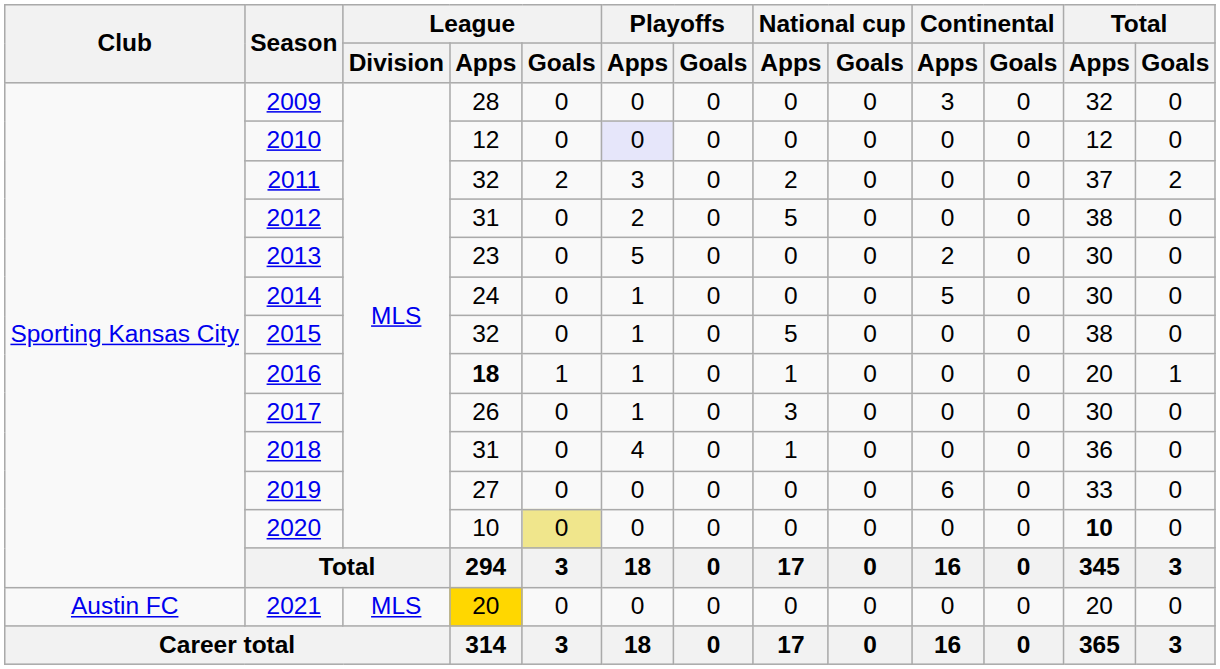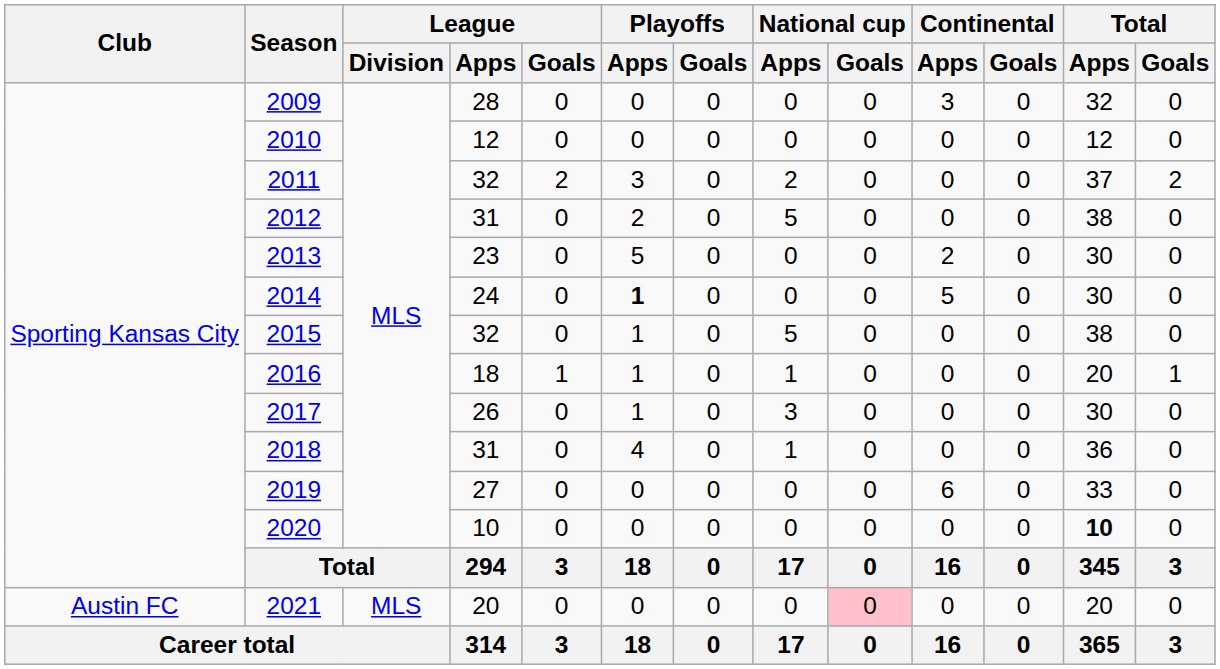 <table class="wikitable" style="text-align: center;">
 <tr>
 <th rowspan="2">Club</th>
 <th rowspan="2">Season</th>
 <th colspan="3">League</th>
 <th colspan="2">Playoffs</th>
 <th colspan="2">National cup</th>
 <th colspan="2">Continental</th>
 <th colspan="2">Total</th>
 </tr>
 <tr>
 <th>Division</th>
 <th>Apps</th>
 <th>Goals</th>
 <th>Apps</th>
 <th>Goals</th>
 <th>Apps</th>
 <th>Goals</th>
 <th>Apps</th>
 <th>Goals</th>
 <th>Apps</th>
 <th>Goals</th>
 </tr>
 <tr>
 <td rowspan="13"><a href='#'>Sporting Kansas City</a></td>
 <td><a href='#'>2009</a></td>
 <td rowspan="12"><a href='#'>MLS</a></td>
 <td>28</td>
 <td>0</td>
 <td>0</td>
 <td>0</td>
 <td>0</td>
 <td>0</td>
 <td>3</td>
 <td>0</td>
 <td>32</td>
 <td>0</td>
 </tr>
 <tr>
 <td><a href='#'>2010</a></td>
 <td>12</td>
 <td>0</td>
-<td style="background: lavender;">0</td>
+<td>0</td>
 <td>0</td>
 <td>0</td>
 <td>0</td>
 <td>0</td>
 <td>0</td>
 <td>12</td>
 <td>0</td>
 </tr>
 <tr>
 <td><a href='#'>2011</a></td>
 <td>32</td>
 <td>2</td>
 <td>3</td>
 <td>0</td>
 <td>2</td>
 <td>0</td>
 <td>0</td>
 <td>0</td>
 <td>37</td>
 <td>2</td>
 </tr>
 <tr>
 <td><a href='#'>2012</a></td>
 <td>31</td>
 <td>0</td>
 <td>2</td>
 <td>0</td>
 <td>5</td>
 <td>0</td>
 <td>0</td>
 <td>0</td>
 <td>38</td>
 <td>0</td>
 </tr>
 <tr>
 <td><a href='#'>2013</a></td>
 <td>23</td>
 <td>0</td>
 <td>5</td>
 <td>0</td>
 <td>0</td>
 <td>0</td>
 <td>2</td>
 <td>0</td>
 <td>30</td>
 <td>0</td>
 </tr>
 <tr>
 <td><a href='#'>2014</a></td>
 <td>24</td>
 <td>0</td>
-<td>1</td>
+<td><strong>1</strong></td>
 <td>0</td>
 <td>0</td>
 <td>0</td>
 <td>5</td>
 <td>0</td>
 <td>30</td>
 <td>0</td>
 </tr>
 <tr>
 <td><a href='#'>2015</a></td>
 <td>32</td>
 <td>0</td>
 <td>1</td>
 <td>0</td>
 <td>5</td>
 <td>0</td>
 <td>0</td>
 <td>0</td>
 <td>38</td>
 <td>0</td>
 </tr>
 <tr>
 <td><a href='#'>2016</a></td>
-<td><strong>18</strong></td>
+<td>18</td>
 <td>1</td>
 <td>1</td>
 <td>0</td>
 <td>1</td>
 <td>0</td>
 <td>0</td>
 <td>0</td>
 <td>20</td>
 <td>1</td>
 </tr>
 <tr>
 <td><a href='#'>2017</a></td>
 <td>26</td>
 <td>0</td>
 <td>1</td>
 <td>0</td>
 <td>3</td>
 <td>0</td>
 <td>0</td>
 <td>0</td>
 <td>30</td>
 <td>0</td>
 </tr>
 <tr>
 <td><a href='#'>2018</a></td>
 <td>31</td>
 <td>0</td>
 <td>4</td>
 <td>0</td>
 <td>1</td>
 <td>0</td>
 <td>0</td>
 <td>0</td>
 <td>36</td>
 <td>0</td>
 </tr>
 <tr>
 <td><a href='#'>2019</a></td>
 <td>27</td>
 <td>0</td>
 <td>0</td>
 <td>0</td>
 <td>0</td>
 <td>0</td>
 <td>6</td>
 <td>0</td>
 <td>33</td>
 <td>0</td>
 </tr>
 <tr>
 <td><a href='#'>2020</a></td>
 <td>10</td>
-<td style="background: khaki;">0</td>
+<td>0</td>
 <td>0</td>
 <td>0</td>
 <td>0</td>
 <td>0</td>
 <td>0</td>
 <td>0</td>
 <td><strong>10</strong></td>
 <td>0</td>
 </tr>
 <tr>
 <th colspan=2>Total</th>
 <th>294</th>
 <th>3</th>
 <th>18</th>
 <th>0</th>
 <th>17</th>
 <th>0</th>
 <th>16</th>
 <th>0</th>
 <th>345</th>
 <th>3</th>
 </tr>
 <tr>
 <td><a href='#'>Austin FC</a></td>
 <td><a href='#'>2021</a></td>
 <td><a href='#'>MLS</a></td>
-<td style="background: gold;">20</td>
+<td>20</td>
 <td>0</td>
 <td>0</td>
 <td>0</td>
 <td>0</td>
-<td>0</td>
+<td style="background: pink;">0</td>
 <td>0</td>
 <td>0</td>
 <td>20</td>
 <td>0</td>
 </tr>
 <tr>
 <th colspan="3">Career total</th>
 <th>314</th>
 <th>3</th>
 <th>18</th>
 <th>0</th>
 <th>17</th>
 <th>0</th>
 <th>16</th>
 <th>0</th>
 <th>365</th>
 <th>3</th>
 </tr>
 </table>
